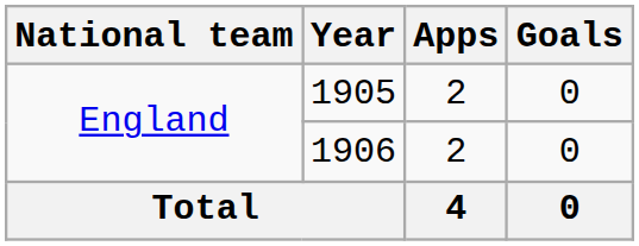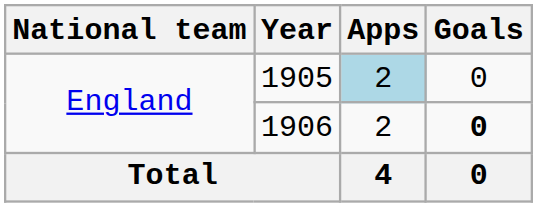 <table class=wikitable style="text-align: center">
 <tr>
 <th>National team</th>
 <th>Year</th>
 <th>Apps</th>
 <th>Goals</th>
 </tr>
 <tr>
 <td rowspan=2><a href='#'>England</a></td>
 <td>1905</td>
-<td>2</td>
+<td style="background: lightblue;">2</td>
 <td>0</td>
 </tr>
 <tr>
 <td>1906</td>
 <td>2</td>
-<td>0</td>
+<td><strong>0</strong></td>
 </tr>
 <tr>
 <th colspan=2>Total</th>
 <th>4</th>
 <th>0</th>
 </tr>
 </table>
